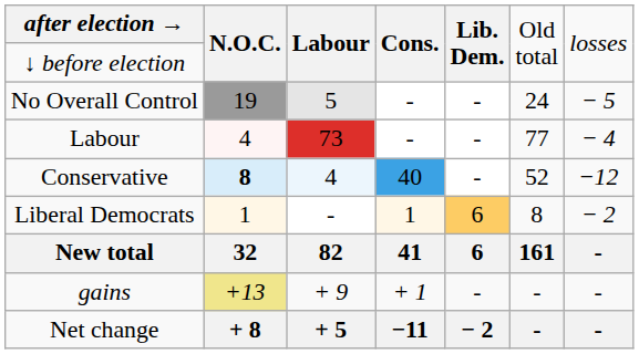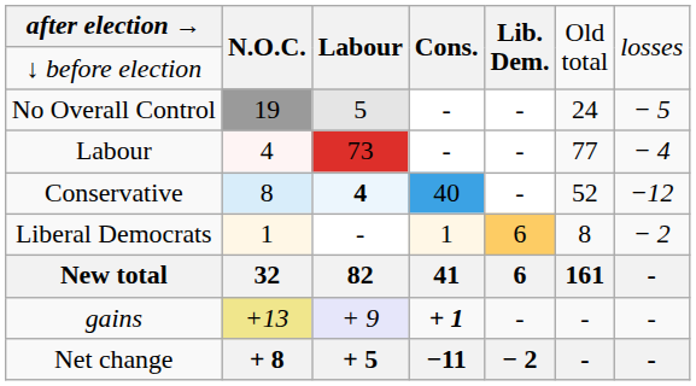 <table class='wikitable' style="text-align:center; ">
 <tr>
 <th><em>after election</em> →</th>
 <th rowspan="2">N.O.C.</th>
 <th rowspan="2">Labour</th>
 <th rowspan="2">Cons.</th>
 <th rowspan="2">Lib.<br> Dem.</th>
 <td rowspan="2">Old<br>total</td>
 <td rowspan="2"><em>losses</em></td>
 </tr>
 <tr>
 <td>↓ <em>before election</em></td>
 </tr>
 <tr style=text-align:center;>
 <td>No Overall Control</td>
 <td style=background-color:#9a9a9a>19</td>
 <td style=background-color:#e5e5e5>5</td>
 <td style=background-color:#FFFFFF>-</td>
 <td style=background-color:#FFFFFF>-</td>
 <td>24</td>
 <td><em>− 5</em></td>
 </tr>
 <tr style="text-align:center;">
 <td>Labour</td>
 <td style=background-color:#fef4f4>4</td>
 <td style=background-color:#dd2f2a>73</td>
 <td style=background-color:#FFFFFF>-</td>
 <td style=background-color:#FFFFFF>-</td>
 <td>77</td>
 <td><em>− 4</em></td>
 </tr>
 <tr style=text-align:center;>
 <td>Conservative</td>
-<td style=background-color:#d8edfa><strong>8</strong></td>
-<td style=background-color:#ecf6fd>4</td>
+<td style=background-color:#d8edfa>8</td>
+<td style=background-color:#ecf6fd><strong>4</strong></td>
 <td style=background-color:#3ba2e4>40</td>
 <td style=background-color:#FFFFFF>-</td>
 <td>52</td>
 <td><em>−12</em></td>
 </tr>
 <tr style=text-align:center;>
 <td>Liberal Democrats</td>
 <td style=background-color:#fff7e6>1</td>
 <td style=background-color:#FFFFFF>-</td>
 <td style=background-color:#fff7e6>1</td>
 <td style=background-color:#fdcc64>6</td>
 <td>8</td>
 <td><em>− 2</em></td>
 </tr>
 <tr style=text-align:center;->
 <th>New total</th>
 <th>32</th>
 <th>82</th>
 <th>41</th>
 <th>6</th>
 <th>161</th>
 <th>-</th>
 </tr>
 <tr>
 <td><em>gains</em></td>
 <td style="background: khaki;"><em>+13</em></td>
-<td><em>+ 9 </em></td>
-<td><em>+ 1</em></td>
+<td style="background: lavender;"><em>+ 9 </em></td>
+<td><strong><em>+ 1</em></strong></td>
 <td>-</td>
 <td>-</td>
 <td>-</td>
 </tr>
 <tr>
 <td>Net change</td>
 <th>+ 8</th>
 <th>+ 5</th>
 <th>−11</th>
 <th>− 2</th>
 <th>-</th>
 <th>-</th>
 </tr>
 </table>
